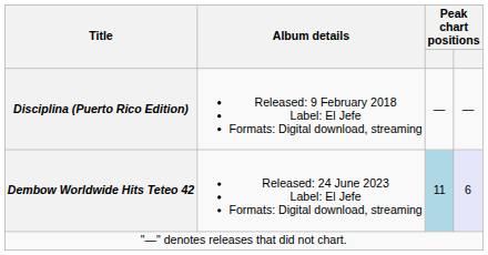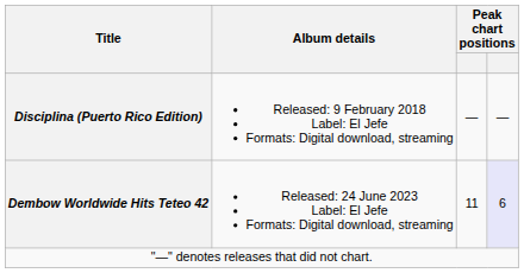 <table class="wikitable plainrowheaders" style="text-align: center;">
 <tr>
 <th rowspan="2">Title</th>
 <th rowspan="2">Album details</th>
 <th colspan="2">Peak chart positions</th>
 </tr>
 <tr>
 <th width="30"><br></th>
 <th width="30"><br></th>
 </tr>
 <tr>
 <th scope="row"><em>Disciplina (Puerto Rico Edition)</em></th>
 <td><br><ul><li>Released: 9 February 2018</li><li>Label: El Jefe</li><li>Formats: Digital download, streaming</li></ul></td>
 <td>—</td>
 <td>—</td>
 </tr>
 <tr>
 <th scope="row"><em>Dembow Worldwide Hits Teteo 42</em></th>
 <td><br><ul><li>Released: 24 June 2023</li><li>Label: El Jefe</li><li>Formats: Digital download, streaming</li></ul></td>
-<td style="background: lightblue;">11</td>
+<td>11</td>
 <td style="background: lavender;">6</td>
 </tr>
 <tr>
 <td colspan="10" align="center">"—" denotes releases that did not chart.</td>
 </tr>
 </table>
